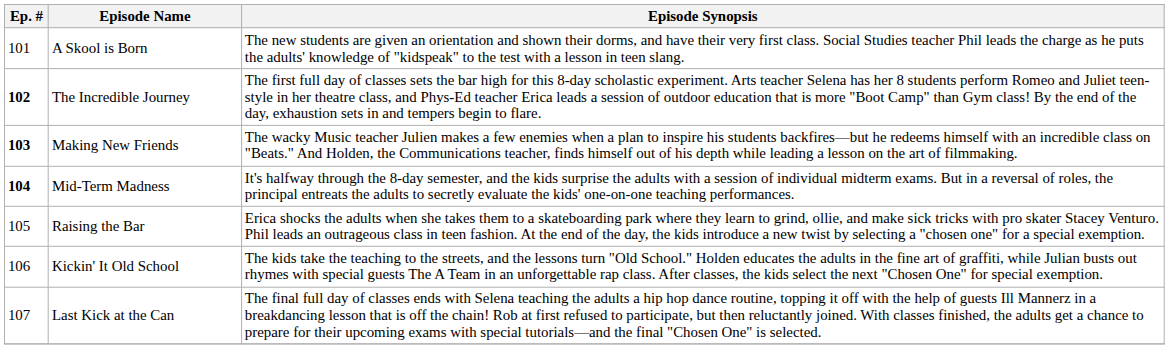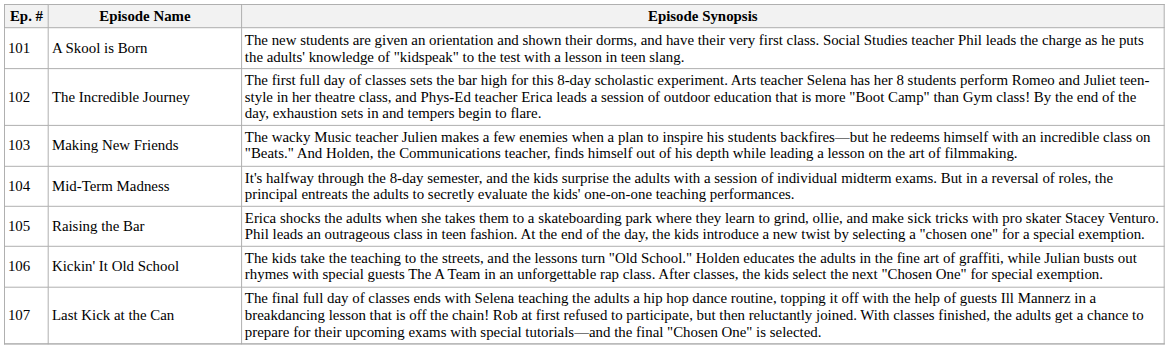 <table class="wikitable" style="background: #FFFFFF;">
 <tr>
 <th width=40>Ep. #</th>
 <th width=200>Episode Name</th>
 <th>Episode Synopsis</th>
 </tr>
 <tr>
 <td>101</td>
 <td>A Skool is Born</td>
 <td>The new students are given an orientation and shown their dorms, and have their very first class. Social Studies teacher Phil leads the charge as he puts the adults' knowledge of "kidspeak" to the test with a lesson in teen slang.</td>
 </tr>
 <tr>
-<td><strong>102</strong></td>
+<td>102</td>
 <td>The Incredible Journey</td>
 <td>The first full day of classes sets the bar high for this 8-day scholastic experiment. Arts teacher Selena has her 8 students perform Romeo and Juliet teen-style in her theatre class, and Phys-Ed teacher Erica leads a session of outdoor education that is more "Boot Camp" than Gym class! By the end of the day, exhaustion sets in and tempers begin to flare.</td>
 </tr>
 <tr>
-<td><strong>103</strong></td>
+<td>103</td>
 <td>Making New Friends</td>
 <td>The wacky Music teacher Julien makes a few enemies when a plan to inspire his students backfires—but he redeems himself with an incredible class on "Beats." And Holden, the Communications teacher, finds himself out of his depth while leading a lesson on the art of filmmaking.</td>
 </tr>
 <tr>
-<td><strong>104</strong></td>
+<td>104</td>
 <td>Mid-Term Madness</td>
 <td>It's halfway through the 8-day semester, and the kids surprise the adults with a session of individual midterm exams. But in a reversal of roles, the principal entreats the adults to secretly evaluate the kids' one-on-one teaching performances.</td>
 </tr>
 <tr>
 <td>105</td>
 <td>Raising the Bar</td>
 <td>Erica shocks the adults when she takes them to a skateboarding park where they learn to grind, ollie, and make sick tricks with pro skater Stacey Venturo. Phil leads an outrageous class in teen fashion. At the end of the day, the kids introduce a new twist by selecting a "chosen one" for a special exemption.</td>
 </tr>
 <tr>
 <td>106</td>
 <td>Kickin' It Old School</td>
 <td>The kids take the teaching to the streets, and the lessons turn "Old School." Holden educates the adults in the fine art of graffiti, while Julian busts out rhymes with special guests The A Team in an unforgettable rap class. After classes, the kids select the next "Chosen One" for special exemption.</td>
 </tr>
 <tr>
 <td>107</td>
 <td>Last Kick at the Can</td>
 <td>The final full day of classes ends with Selena teaching the adults a hip hop dance routine, topping it off with the help of guests Ill Mannerz in a breakdancing lesson that is off the chain! Rob at first refused to participate, but then reluctantly joined. With classes finished, the adults get a chance to prepare for their upcoming exams with special tutorials—and the final "Chosen One" is selected.</td>
 </tr>
 <tr>
 </tr>
 </table>
